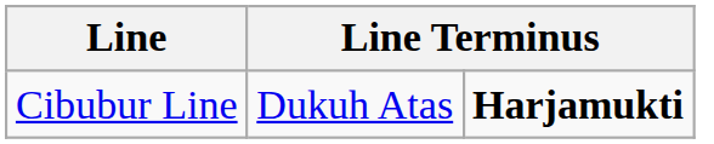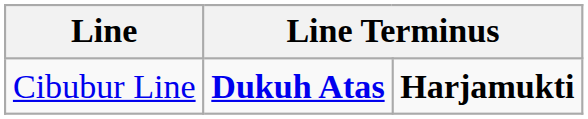 <table class="wikitable">
 <tr>
 <th>Line</th>
 <th colspan="2">Line Terminus</th>
 </tr>
 <tr>
 <td> <a href='#'>Cibubur Line</a></td>
-<td><a href='#'>Dukuh Atas</a></td>
+<td><strong><a href='#'>Dukuh Atas</a></strong></td>
 <td><strong>Harjamukti</strong></td>
 </tr>
 </table>
